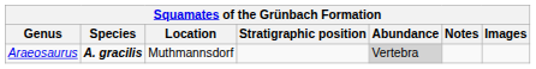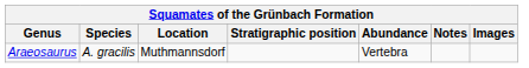 <table class="wikitable">
 <tr>
 <th colspan="7"><a href='#'>Squamates</a> of the <strong>Grünbach Formation</strong></th>
 </tr>
 <tr>
 <th>Genus</th>
 <th>Species</th>
 <th>Location</th>
 <th>Stratigraphic position</th>
 <th>Abundance</th>
 <th>Notes</th>
 <th>Images</th>
 </tr>
 <tr>
 <td><em><a href='#'>Araeosaurus</a></em></td>
-<td><strong><em>A. gracilis</em></strong></td>
+<td><em>A. gracilis</em></td>
 <td>Muthmannsdorf</td>
 <td></td>
-<td style="background: lightgrey;">Vertebra</td>
+<td>Vertebra</td>
 <td></td>
 <td></td>
 </tr>
 </table>
